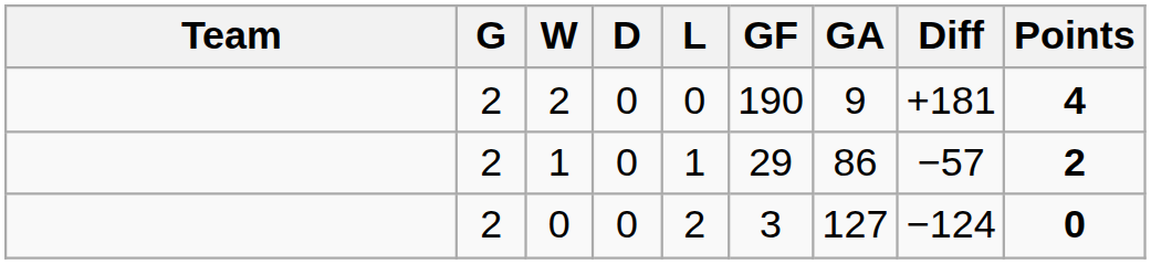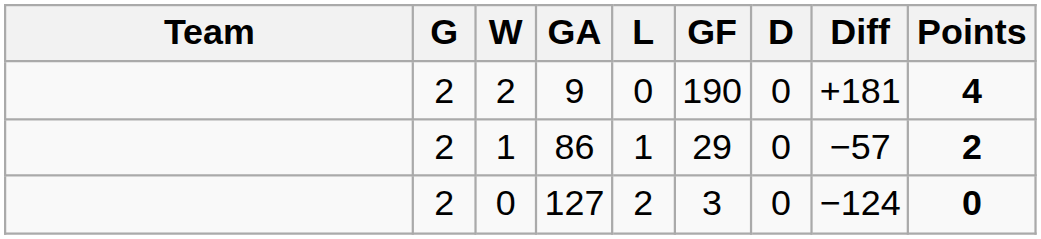 <table class="wikitable" style="text-align: center;">
 <tr>
 <th width="175">Team</th>
 <th width="20">G</th>
 <th width="20">W</th>
-<th width="20">D</th>
+<th width="20">GA</th>
 <th width="20">L</th>
 <th width="20">GF</th>
-<th width="20">GA</th>
+<th width="20">D</th>
 <th width="20">Diff</th>
 <th width="20">Points</th>
 </tr>
 <tr>
 <td align=left></td>
 <td>2</td>
 <td>2</td>
-<td>0</td>
+<td>9</td>
 <td>0</td>
 <td>190</td>
-<td>9</td>
+<td>0</td>
 <td>+181</td>
 <td><strong>4</strong></td>
 </tr>
 <tr>
 <td align=left></td>
 <td>2</td>
 <td>1</td>
-<td>0</td>
+<td>86</td>
 <td>1</td>
 <td>29</td>
-<td>86</td>
+<td>0</td>
 <td>−57</td>
 <td><strong>2</strong></td>
 </tr>
 <tr>
 <td align=left></td>
 <td>2</td>
 <td>0</td>
-<td>0</td>
+<td>127</td>
 <td>2</td>
 <td>3</td>
-<td>127</td>
+<td>0</td>
 <td>−124</td>
 <td><strong>0</strong></td>
 </tr>
 </table>
